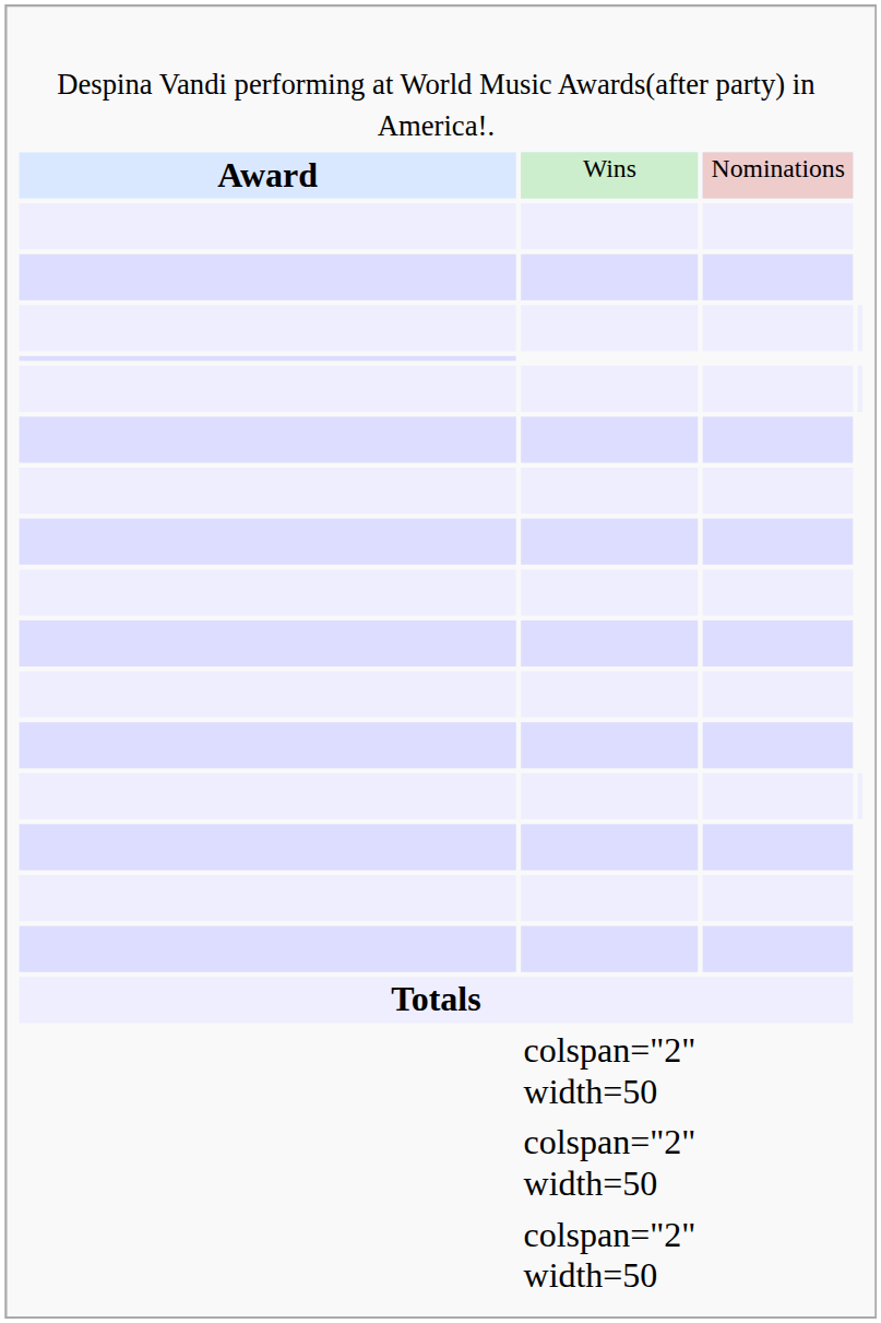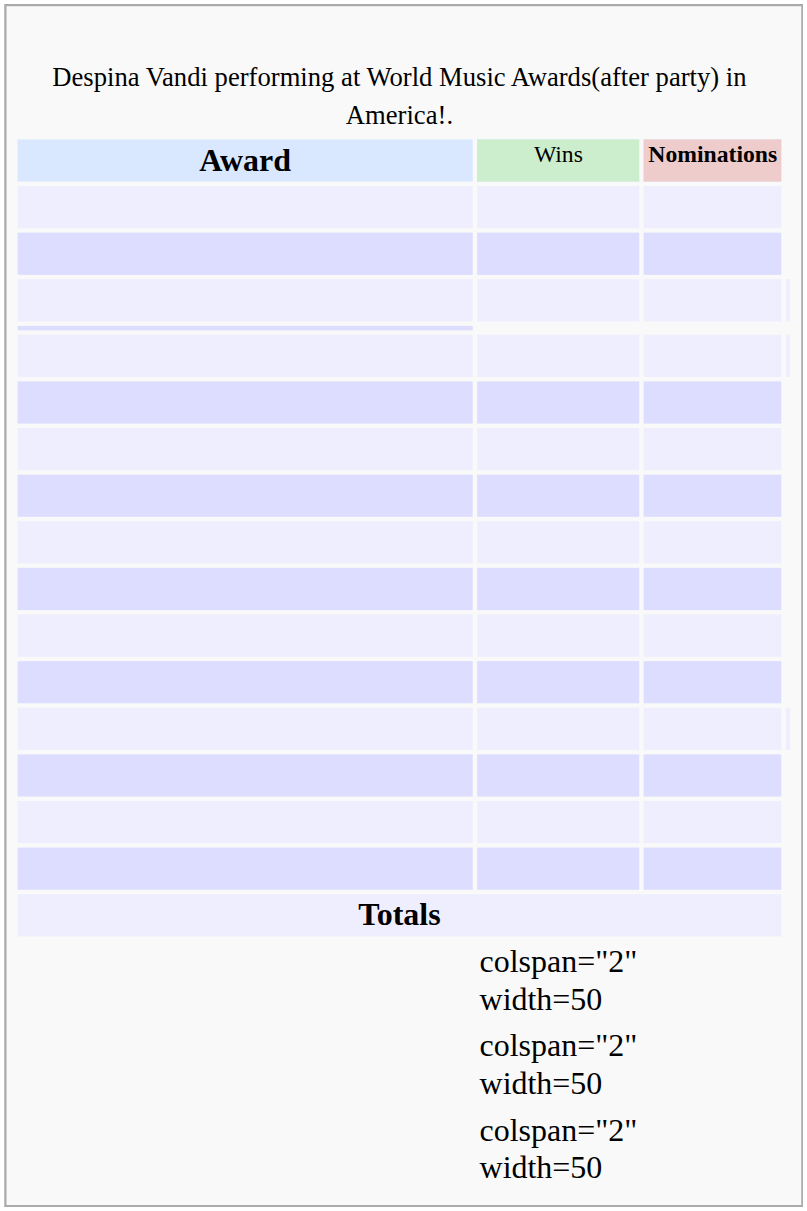 <table class="infobox" style="width: 25em; text-align: left; font-size: 90%; vertical-align: middle;">
 <tr>
 <td colspan="3" style="text-align:center;"><br><small>Despina Vandi performing at World Music Awards(after party) in America!.</small></td>
 </tr>
 <tr bgcolor=#D9E8FF style="text-align:center;">
 <th style="vertical-align: middle;">Award</th>
 <td style="background:#cceecc; font-size:8pt;" width="60px">Wins</td>
-<td style="background:#eecccc; font-size:8pt;" width="60px">Nominations</td>
+<td style="background:#eecccc; font-size:8pt;" width="60px"><strong>Nominations</strong></td>
 </tr>
 <tr bgcolor=#eeeeff>
 <td align="center"><br></td>
 <td></td>
 <td></td>
 </tr>
 <tr bgcolor=#ddddff>
 <td align="center"><br></td>
 <td></td>
 <td></td>
 </tr>
 <tr bgcolor=#eeeeff>
 <td align="center"><br></td>
 <td></td>
 <td></td>
 <td align="center"></td>
 </tr>
 <tr bgcolor=#ddddff>
 <td align="center"></td>
 </tr>
 <tr bgcolor=#eeeeff>
 <td align="center"><br></td>
 <td></td>
 <td></td>
 <td align="center"></td>
 </tr>
 <tr bgcolor=#ddddff>
 <td align="center"><br></td>
 <td></td>
 <td></td>
 </tr>
 <tr bgcolor=#eeeeff>
 <td align="center"><br></td>
 <td></td>
 <td></td>
 </tr>
 <tr bgcolor=#ddddff>
 <td align="center"><br></td>
 <td></td>
 <td></td>
 </tr>
 <tr bgcolor=#eeeeff>
 <td align="center"><br></td>
 <td></td>
 <td></td>
 </tr>
 <tr bgcolor=#ddddff>
 <td align="center"><br></td>
 <td></td>
 <td></td>
 </tr>
 <tr bgcolor=#eeeeff>
 <td align="center"><br></td>
 <td></td>
 <td></td>
 </tr>
 <tr bgcolor=#ddddff>
 <td align="center"><br></td>
 <td></td>
 <td></td>
 </tr>
 <tr bgcolor=#eeeeff>
 <td align="center"><br></td>
 <td></td>
 <td></td>
 <td align="center"></td>
 </tr>
 <tr bgcolor=#ddddff>
 <td align="center"><br></td>
 <td></td>
 <td></td>
 </tr>
 <tr bgcolor=#eeeeff>
 <td align="center"><br></td>
 <td></td>
 <td></td>
 </tr>
 <tr bgcolor=#ddddff>
 <td align="center"><br></td>
 <td></td>
 <td></td>
 </tr>
 <tr bgcolor=#eeeeff>
 <td colspan="3" style="text-align:center;"><strong>Totals</strong></td>
 </tr>
 <tr>
 <td></td>
 <td>colspan="2" width=50 </td>
 </tr>
 <tr>
 <td></td>
 <td>colspan="2" width=50 </td>
 </tr>
 <tr>
 <td></td>
 <td>colspan="2" width=50 </td>
 </tr>
 <tr>
 </tr>
 </table>
